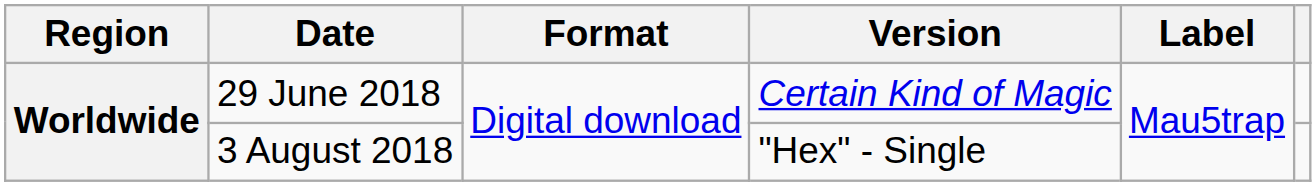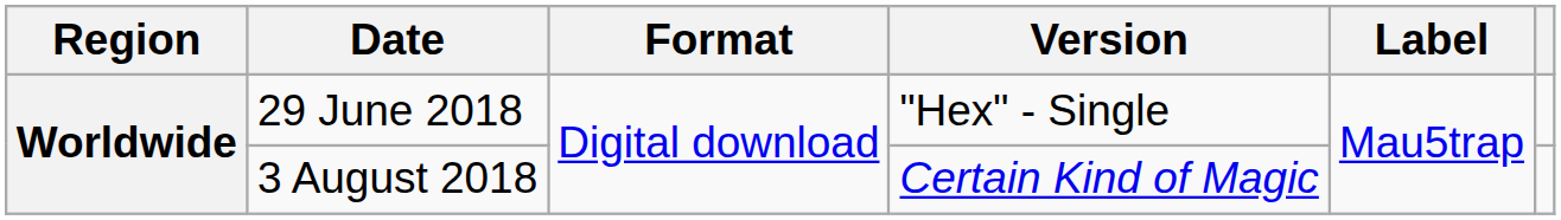 <table class="wikitable plainrowheaders">
 <tr>
 <th>Region</th>
 <th>Date</th>
 <th>Format</th>
 <th>Version</th>
 <th>Label</th>
 <th></th>
 </tr>
 <tr>
 <th scope="row" rowspan="2">Worldwide</th>
 <td>29 June 2018</td>
 <td rowspan="2"><a href='#'>Digital download</a></td>
-<td><em><a href='#'>Certain Kind of Magic</a></em></td>
+<td>"Hex" - Single</td>
 <td rowspan="2"><a href='#'>Mau5trap</a></td>
 <td></td>
 </tr>
 <tr>
 <td>3 August 2018</td>
-<td>"Hex" - Single</td>
+<td><em><a href='#'>Certain Kind of Magic</a></em></td>
 <td></td>
 </tr>
 </table>
